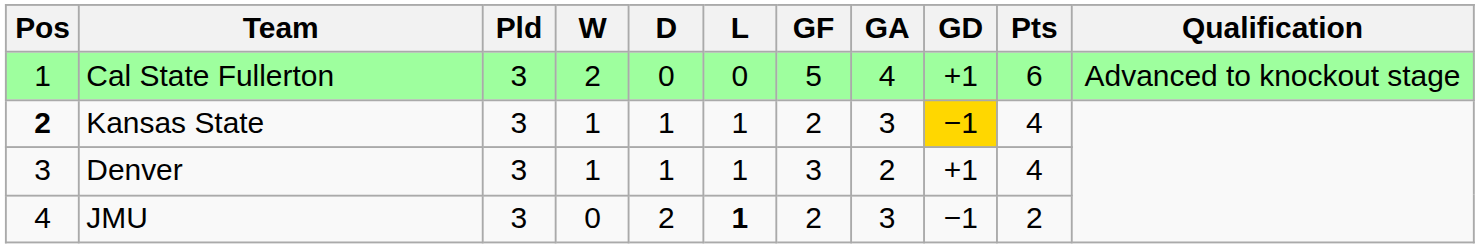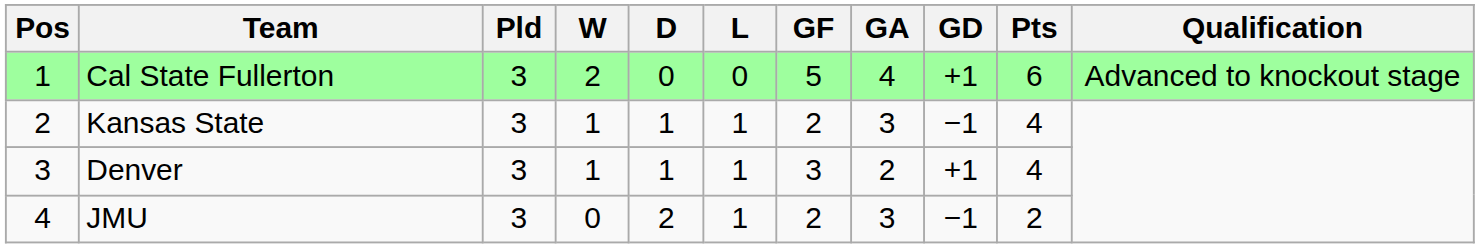 <table class="wikitable" style="text-align:center; margin: 1em auto">
 <tr>
 <th style="width:2em">Pos</th>
 <th style="width:13em">Team</th>
 <th style="width:2em">Pld</th>
 <th style="width:2em">W</th>
 <th style="width:2em">D</th>
 <th style="width:2em">L</th>
 <th style="width:2em">GF</th>
 <th style="width:2em">GA</th>
 <th style="width:2em">GD</th>
 <th style="width:2em">Pts</th>
 <th style="width:13em">Qualification</th>
 </tr>
 <tr bgcolor="#9eff9e">
 <td>1</td>
 <td style="text-align:left">Cal State Fullerton</td>
 <td>3</td>
 <td>2</td>
 <td>0</td>
 <td>0</td>
 <td>5</td>
 <td>4</td>
 <td>+1</td>
 <td>6</td>
 <td>Advanced to knockout stage</td>
 </tr>
 <tr>
-<td><strong>2</strong></td>
+<td>2</td>
 <td style="text-align:left">Kansas State</td>
 <td>3</td>
 <td>1</td>
 <td>1</td>
 <td>1</td>
 <td>2</td>
 <td>3</td>
-<td style="background: gold;">−1</td>
+<td>−1</td>
 <td>4</td>
 </tr>
 <tr>
 <td>3</td>
 <td style="text-align:left">Denver</td>
 <td>3</td>
 <td>1</td>
 <td>1</td>
 <td>1</td>
 <td>3</td>
 <td>2</td>
 <td>+1</td>
 <td>4</td>
 </tr>
 <tr>
 <td>4</td>
 <td style="text-align:left">JMU</td>
 <td>3</td>
 <td>0</td>
 <td>2</td>
-<td><strong>1</strong></td>
+<td>1</td>
 <td>2</td>
 <td>3</td>
 <td>−1</td>
 <td>2</td>
 </tr>
 </table>
